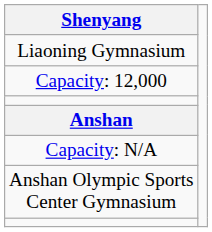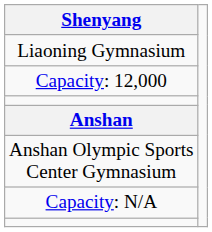 <table class="wikitable" style="text-align:center;">
 <tr>
 <th><a href='#'>Shenyang</a></th>
 <td rowspan="8"></td>
 </tr>
 <tr>
 <td>Liaoning Gymnasium</td>
 </tr>
 <tr>
 <td><a href='#'>Capacity</a>: 12,000</td>
 </tr>
 <tr>
 <td></td>
 </tr>
 <tr>
 <th><a href='#'>Anshan</a></th>
 </tr>
 <tr>
-<td><a href='#'>Capacity</a>: N/A</td>
+<td>Anshan Olympic Sports<br>Center Gymnasium</td>
 </tr>
 <tr>
-<td>Anshan Olympic Sports<br>Center Gymnasium</td>
+<td><a href='#'>Capacity</a>: N/A</td>
 </tr>
 <tr>
 <td></td>
 </tr>
 </table>
